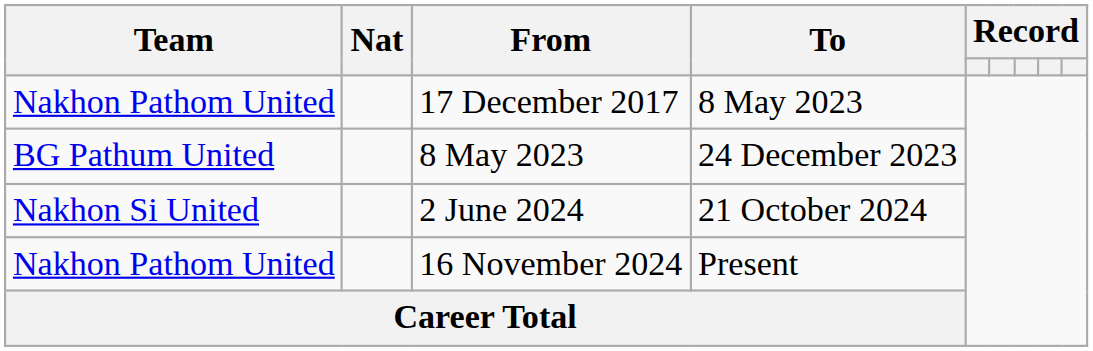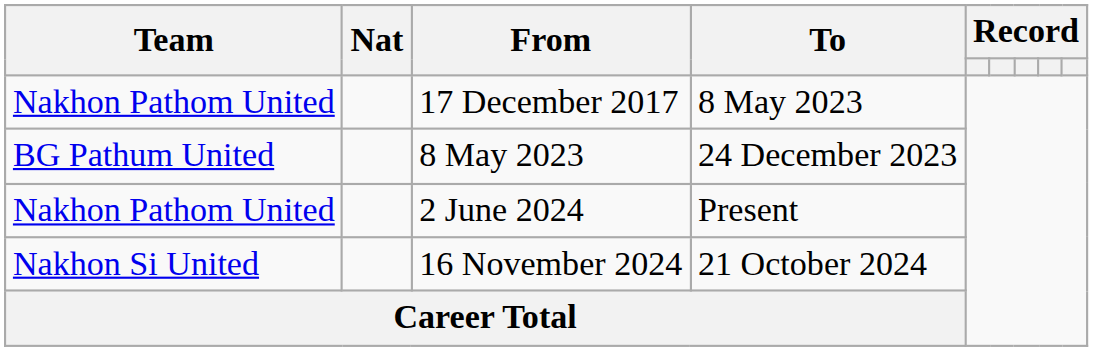 <table class="wikitable" style="text-align:center">
 <tr>
 <th rowspan="2">Team</th>
 <th rowspan="2">Nat</th>
 <th rowspan="2">From</th>
 <th rowspan="2">To</th>
 <th colspan="5">Record</th>
 </tr>
 <tr>
 <th></th>
 <th></th>
 <th></th>
 <th></th>
 <th></th>
 </tr>
 <tr>
 <td align="left"><a href='#'>Nakhon Pathom United</a></td>
 <td></td>
 <td align="left">17 December 2017</td>
 <td align="left">8 May 2023<br></td>
 </tr>
 <tr>
 <td align="left"><a href='#'>BG Pathum United</a></td>
 <td></td>
 <td align="left">8 May 2023</td>
 <td align="left">24 December 2023<br></td>
 </tr>
 <tr>
+<td align="left"><a href='#'>Nakhon Pathom United</a></td>
+<td></td>
+<td align="left">2 June 2024</td>
+<td align="left">Present<br></td>
+</tr>
+<tr>
 <td align="left"><a href='#'>Nakhon Si United</a></td>
 <td></td>
-<td align="left">2 June 2024</td>
+<td align="left">16 November 2024</td>
 <td align="left">21 October 2024<br></td>
-</tr>
-<tr>
-<td align="left"><a href='#'>Nakhon Pathom United</a></td>
-<td></td>
-<td align="left">16 November 2024</td>
-<td align="left">Present<br></td>
 </tr>
 <tr>
 <th colspan="4">Career Total<br></th>
 </tr>
 </table>
